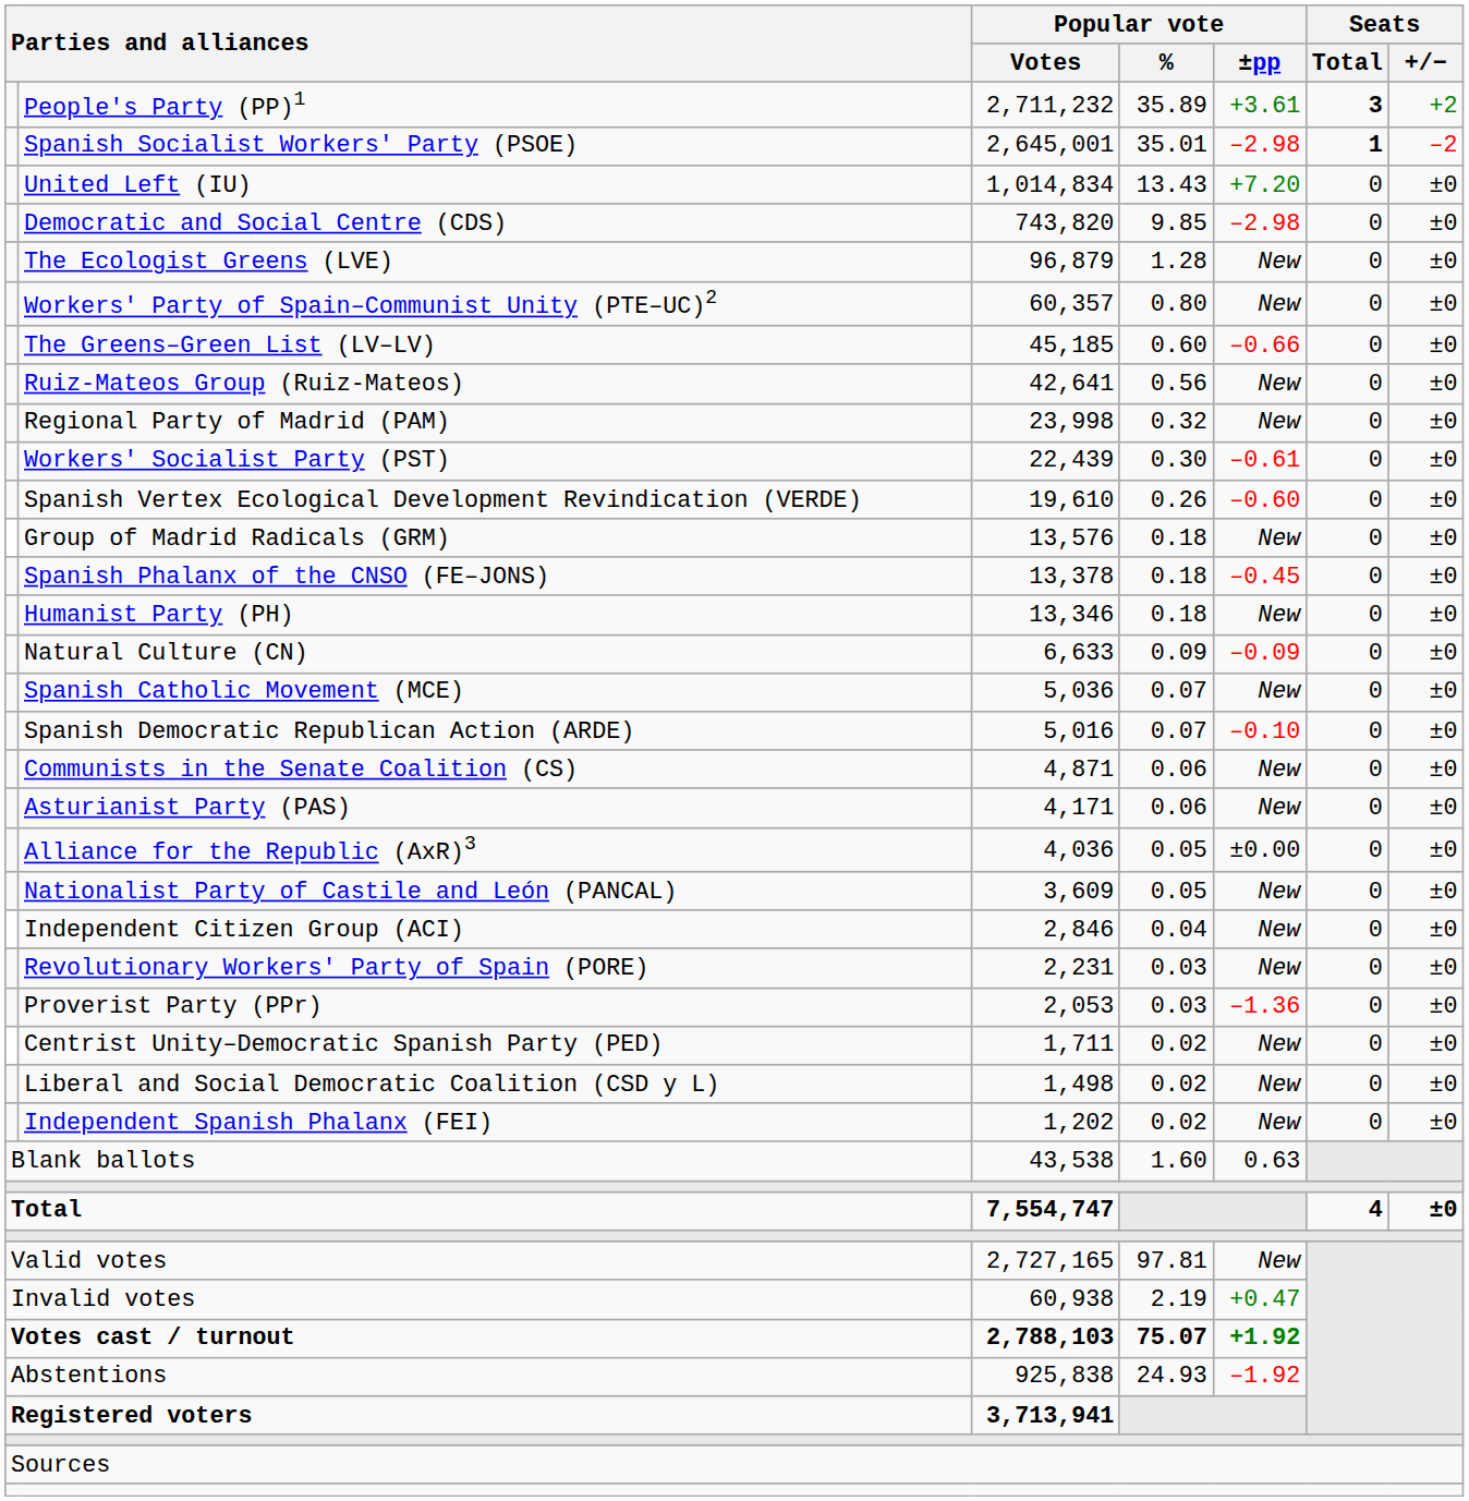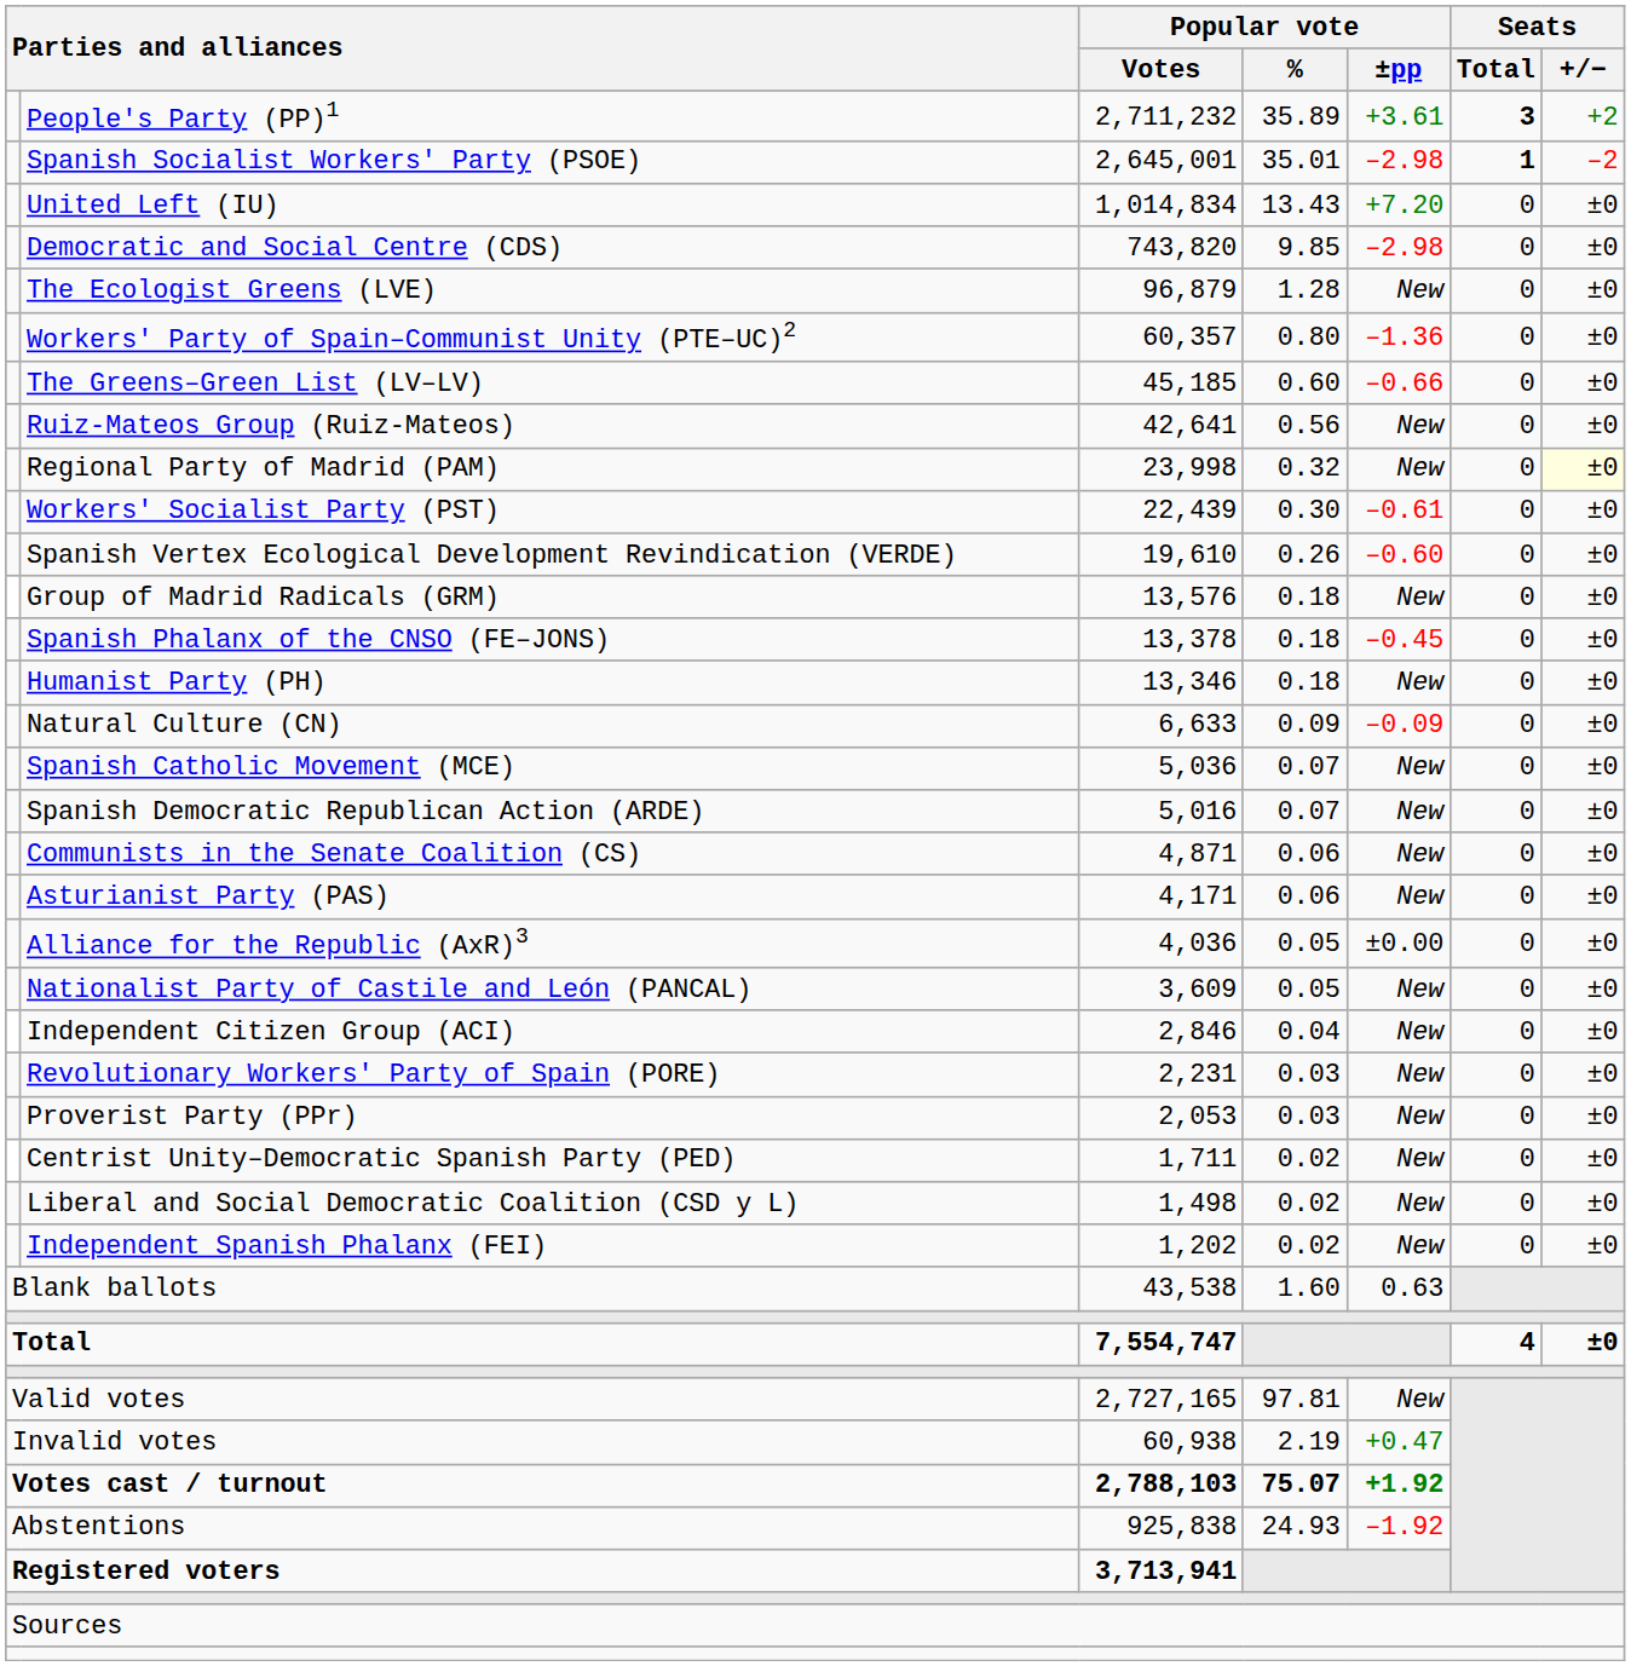 <table class="wikitable" style="text-align:right;">
 <tr>
 <th style="text-align:left;" rowspan="2" colspan="2" width="525">Parties and alliances</th>
 <th colspan="3">Popular vote</th>
 <th colspan="2">Seats</th>
 </tr>
 <tr>
 <th width="75">Votes</th>
 <th width="45">%</th>
 <th width="45">±<a href='#'>pp</a></th>
 <th width="35">Total</th>
 <th width="35">+/−</th>
 </tr>
 <tr>
 <td width="1" style="color:inherit;background:"></td>
 <td align="left"><a href='#'>People's Party</a> (PP)<sup>1</sup></td>
 <td>2,711,232</td>
 <td>35.89</td>
 <td style="color:green;">+3.61</td>
 <td><strong>3</strong></td>
 <td style="color:green;">+2</td>
 </tr>
 <tr>
 <td style="color:inherit;background:"></td>
 <td align="left"><a href='#'>Spanish Socialist Workers' Party</a> (PSOE)</td>
 <td>2,645,001</td>
 <td>35.01</td>
 <td style="color:red;">–2.98</td>
 <td><strong>1</strong></td>
 <td style="color:red;">–2</td>
 </tr>
 <tr>
 <td style="color:inherit;background:"></td>
 <td align="left"><a href='#'>United Left</a> (IU)</td>
 <td>1,014,834</td>
 <td>13.43</td>
 <td style="color:green;">+7.20</td>
 <td>0</td>
 <td>±0</td>
 </tr>
 <tr>
 <td style="color:inherit;background:"></td>
 <td align="left"><a href='#'>Democratic and Social Centre</a> (CDS)</td>
 <td>743,820</td>
 <td>9.85</td>
 <td style="color:red;">–2.98</td>
 <td>0</td>
 <td>±0</td>
 </tr>
 <tr>
 <td style="color:inherit;background:"></td>
 <td align="left"><a href='#'>The Ecologist Greens</a> (LVE)</td>
 <td>96,879</td>
 <td>1.28</td>
 <td><em>New</em></td>
 <td>0</td>
 <td>±0</td>
 </tr>
 <tr>
 <td style="color:inherit;background:"></td>
 <td align="left"><a href='#'>Workers' Party of Spain–Communist Unity</a> (PTE–UC)<sup>2</sup></td>
 <td>60,357</td>
 <td>0.80</td>
-<td><em>New</em></td>
+<td style="color:red;">–1.36</td>
 <td>0</td>
 <td>±0</td>
 </tr>
 <tr>
 <td style="color:inherit;background:"></td>
 <td align="left"><a href='#'>The Greens–Green List</a> (LV–LV)</td>
 <td>45,185</td>
 <td>0.60</td>
 <td style="color:red;">–0.66</td>
 <td>0</td>
 <td>±0</td>
 </tr>
 <tr>
 <td style="color:inherit;background:"></td>
 <td align="left"><a href='#'>Ruiz-Mateos Group</a> (Ruiz-Mateos)</td>
 <td>42,641</td>
 <td>0.56</td>
 <td><em>New</em></td>
 <td>0</td>
 <td>±0</td>
 </tr>
 <tr>
 <td style="color:inherit;background:"></td>
 <td align="left">Regional Party of Madrid (PAM)</td>
 <td>23,998</td>
 <td>0.32</td>
 <td><em>New</em></td>
 <td>0</td>
-<td>±0</td>
+<td style="background: lightyellow;">±0</td>
 </tr>
 <tr>
 <td style="color:inherit;background:"></td>
 <td align="left"><a href='#'>Workers' Socialist Party</a> (PST)</td>
 <td>22,439</td>
 <td>0.30</td>
 <td style="color:red;">–0.61</td>
 <td>0</td>
 <td>±0</td>
 </tr>
 <tr>
 <td style="color:inherit;background:"></td>
 <td align="left">Spanish Vertex Ecological Development Revindication (VERDE)</td>
 <td>19,610</td>
 <td>0.26</td>
 <td style="color:red;">–0.60</td>
 <td>0</td>
 <td>±0</td>
 </tr>
 <tr>
 <td bgcolor="white"></td>
 <td align="left">Group of Madrid Radicals (GRM)</td>
 <td>13,576</td>
 <td>0.18</td>
 <td><em>New</em></td>
 <td>0</td>
 <td>±0</td>
 </tr>
 <tr>
 <td style="color:inherit;background:"></td>
 <td align="left"><a href='#'>Spanish Phalanx of the CNSO</a> (FE–JONS)</td>
 <td>13,378</td>
 <td>0.18</td>
 <td style="color:red;">–0.45</td>
 <td>0</td>
 <td>±0</td>
 </tr>
 <tr>
 <td style="color:inherit;background:"></td>
 <td align="left"><a href='#'>Humanist Party</a> (PH)</td>
 <td>13,346</td>
 <td>0.18</td>
 <td><em>New</em></td>
 <td>0</td>
 <td>±0</td>
 </tr>
 <tr>
 <td style="color:inherit;background:"></td>
 <td align="left">Natural Culture (CN)</td>
 <td>6,633</td>
 <td>0.09</td>
 <td style="color:red;">–0.09</td>
 <td>0</td>
 <td>±0</td>
 </tr>
 <tr>
 <td style="color:inherit;background:"></td>
 <td align="left"><a href='#'>Spanish Catholic Movement</a> (MCE)</td>
 <td>5,036</td>
 <td>0.07</td>
 <td><em>New</em></td>
 <td>0</td>
 <td>±0</td>
 </tr>
 <tr>
 <td style="color:inherit;background:"></td>
 <td align="left">Spanish Democratic Republican Action (ARDE)</td>
 <td>5,016</td>
 <td>0.07</td>
-<td style="color:red;">–0.10</td>
+<td><em>New</em></td>
 <td>0</td>
 <td>±0</td>
 </tr>
 <tr>
 <td style="color:inherit;background:"></td>
 <td align="left"><a href='#'>Communists in the Senate Coalition</a> (CS)</td>
 <td>4,871</td>
 <td>0.06</td>
 <td><em>New</em></td>
 <td>0</td>
 <td>±0</td>
 </tr>
 <tr>
 <td style="color:inherit;background:"></td>
 <td align="left"><a href='#'>Asturianist Party</a> (PAS)</td>
 <td>4,171</td>
 <td>0.06</td>
 <td><em>New</em></td>
 <td>0</td>
 <td>±0</td>
 </tr>
 <tr>
 <td style="color:inherit;background:"></td>
 <td align="left"><a href='#'>Alliance for the Republic</a> (AxR)<sup>3</sup></td>
 <td>4,036</td>
 <td>0.05</td>
 <td>±0.00</td>
 <td>0</td>
 <td>±0</td>
 </tr>
 <tr>
 <td style="color:inherit;background:"></td>
 <td align="left"><a href='#'>Nationalist Party of Castile and León</a> (PANCAL)</td>
 <td>3,609</td>
 <td>0.05</td>
 <td><em>New</em></td>
 <td>0</td>
 <td>±0</td>
 </tr>
 <tr>
 <td bgcolor="white"></td>
 <td align="left">Independent Citizen Group (ACI)</td>
 <td>2,846</td>
 <td>0.04</td>
 <td><em>New</em></td>
 <td>0</td>
 <td>±0</td>
 </tr>
 <tr>
 <td style="color:inherit;background:"></td>
 <td align="left"><a href='#'>Revolutionary Workers' Party of Spain</a> (PORE)</td>
 <td>2,231</td>
 <td>0.03</td>
 <td><em>New</em></td>
 <td>0</td>
 <td>±0</td>
 </tr>
 <tr>
 <td style="color:inherit;background:"></td>
 <td align="left">Proverist Party (PPr)</td>
 <td>2,053</td>
 <td>0.03</td>
-<td style="color:red;">–1.36</td>
+<td><em>New</em></td>
 <td>0</td>
 <td>±0</td>
 </tr>
 <tr>
 <td bgcolor="white"></td>
 <td align="left">Centrist Unity–Democratic Spanish Party (PED)</td>
 <td>1,711</td>
 <td>0.02</td>
 <td><em>New</em></td>
 <td>0</td>
 <td>±0</td>
 </tr>
 <tr>
 <td style="color:inherit;background:"></td>
 <td align="left">Liberal and Social Democratic Coalition (CSD y L)</td>
 <td>1,498</td>
 <td>0.02</td>
 <td><em>New</em></td>
 <td>0</td>
 <td>±0</td>
 </tr>
 <tr>
 <td style="color:inherit;background:"></td>
 <td align="left"><a href='#'>Independent Spanish Phalanx</a> (FEI)</td>
 <td>1,202</td>
 <td>0.02</td>
 <td><em>New</em></td>
 <td>0</td>
 <td>±0</td>
 </tr>
 <tr>
 <td align="left" colspan="2">Blank ballots</td>
 <td>43,538</td>
 <td>1.60</td>
 <td>0.63</td>
 <td bgcolor="#E9E9E9" colspan="2"></td>
 </tr>
 <tr>
 <td colspan="7" bgcolor="#E9E9E9"></td>
 </tr>
 <tr style="font-weight:bold;">
 <td align="left" colspan="2">Total</td>
 <td>7,554,747</td>
 <td bgcolor="#E9E9E9" colspan="2"></td>
 <td>4</td>
 <td>±0</td>
 </tr>
 <tr>
 <td colspan="7" bgcolor="#E9E9E9"></td>
 </tr>
 <tr>
 <td align="left" colspan="2">Valid votes</td>
 <td>2,727,165</td>
 <td>97.81</td>
 <td><em>New</em></td>
 <td bgcolor="#E9E9E9" colspan="2" rowspan="5"></td>
 </tr>
 <tr>
 <td align="left" colspan="2">Invalid votes</td>
 <td>60,938</td>
 <td>2.19</td>
 <td style="color:green;">+0.47</td>
 </tr>
 <tr style="font-weight:bold;">
 <td align="left" colspan="2">Votes cast / turnout</td>
 <td>2,788,103</td>
 <td>75.07</td>
 <td style="color:green;">+1.92</td>
 </tr>
 <tr>
 <td align="left" colspan="2">Abstentions</td>
 <td>925,838</td>
 <td>24.93</td>
 <td style="color:red;">–1.92</td>
 </tr>
 <tr style="font-weight:bold;">
 <td align="left" colspan="2">Registered voters</td>
 <td>3,713,941</td>
 <td bgcolor="#E9E9E9" colspan="2"></td>
 </tr>
 <tr>
 <td colspan="7" bgcolor="#E9E9E9"></td>
 </tr>
 <tr>
 <td align="left" colspan="7">Sources</td>
 </tr>
 <tr>
 <td colspan="7" style="text-align:left; max-width:790px;"></td>
 </tr>
 </table>
